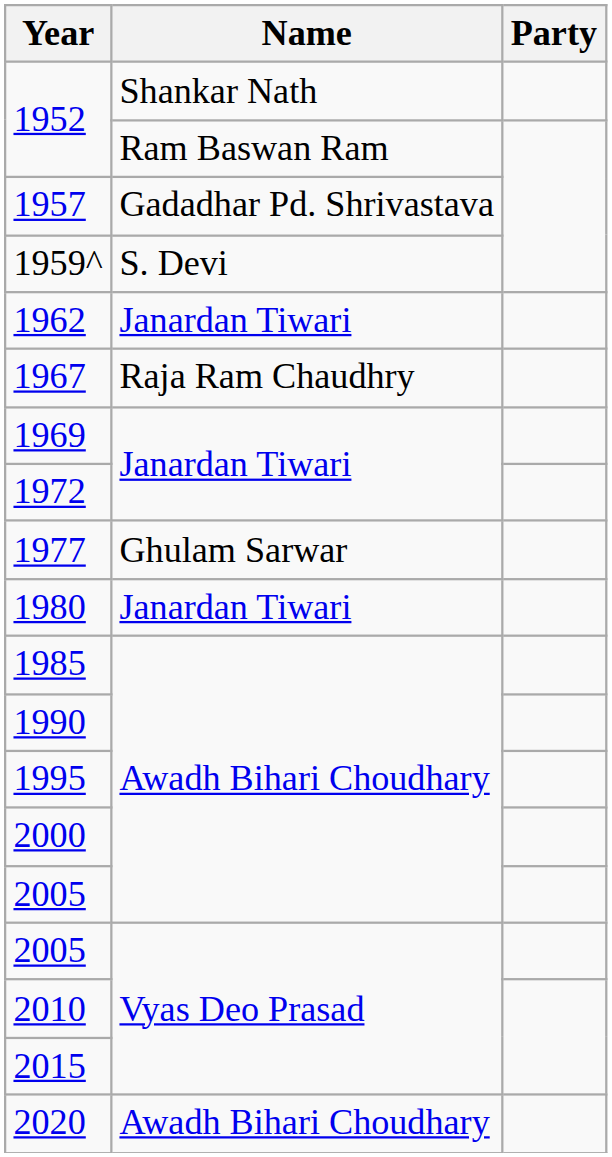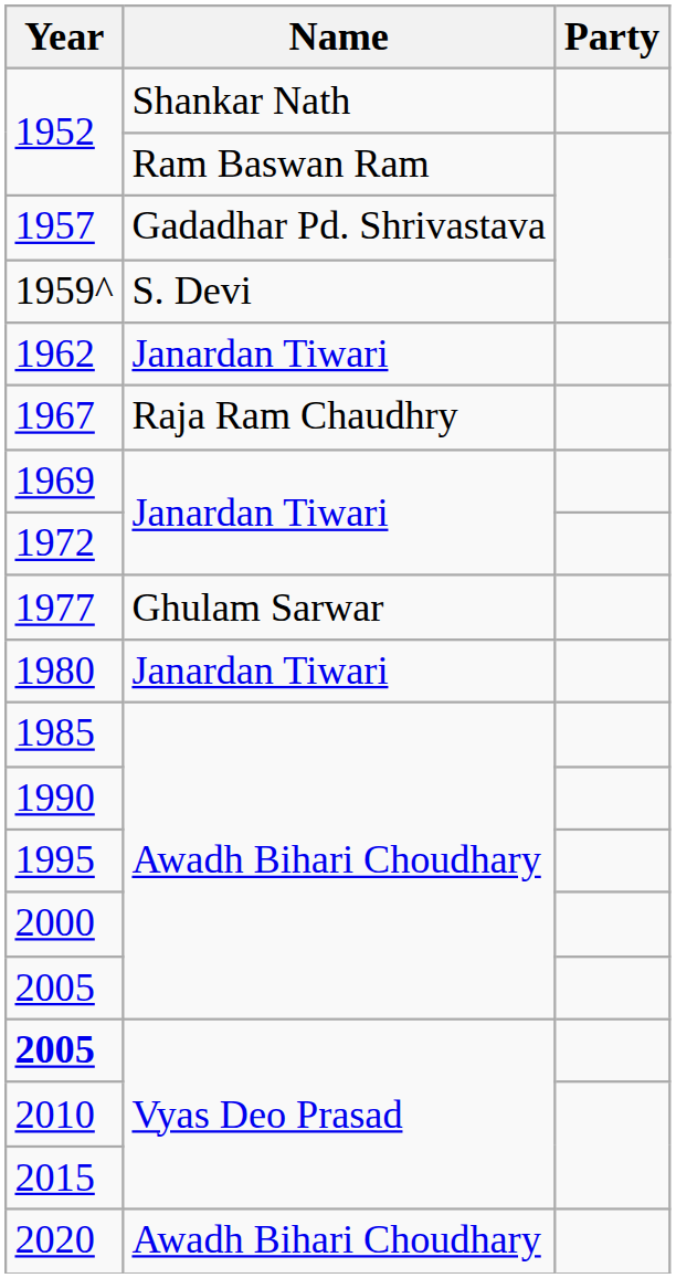 <table class="wikitable sortable">
 <tr>
 <th>Year</th>
 <th>Name</th>
 <th colspan="2">Party</th>
 </tr>
 <tr>
 <td rowspan="2"><a href='#'>1952</a></td>
 <td>Shankar Nath</td>
 <td></td>
 </tr>
 <tr>
 <td>Ram Baswan Ram</td>
 </tr>
 <tr>
 <td><a href='#'>1957</a></td>
 <td>Gadadhar Pd. Shrivastava</td>
 </tr>
 <tr>
 <td>1959^</td>
 <td>S. Devi</td>
 </tr>
 <tr>
 <td><a href='#'>1962</a></td>
 <td><a href='#'>Janardan Tiwari</a></td>
 <td></td>
 </tr>
 <tr>
 <td><a href='#'>1967</a></td>
 <td>Raja Ram Chaudhry</td>
 <td></td>
 </tr>
 <tr>
 <td><a href='#'>1969</a></td>
 <td rowspan="2"><a href='#'>Janardan Tiwari</a></td>
 <td></td>
 </tr>
 <tr>
 <td><a href='#'>1972</a></td>
 </tr>
 <tr>
 <td><a href='#'>1977</a></td>
 <td>Ghulam Sarwar</td>
 <td></td>
 </tr>
 <tr>
 <td><a href='#'>1980</a></td>
 <td><a href='#'>Janardan Tiwari</a></td>
 <td></td>
 </tr>
 <tr>
 <td><a href='#'>1985</a></td>
 <td rowspan="5"><a href='#'>Awadh Bihari Choudhary</a></td>
 <td></td>
 </tr>
 <tr>
 <td><a href='#'>1990</a></td>
 <td></td>
 </tr>
 <tr>
 <td><a href='#'>1995</a></td>
 </tr>
 <tr>
 <td><a href='#'>2000</a></td>
 <td></td>
 </tr>
 <tr>
 <td><a href='#'>2005</a></td>
 </tr>
 <tr>
-<td><a href='#'>2005</a></td>
+<td><strong><a href='#'>2005</a></strong></td>
 <td rowspan="3"><a href='#'>Vyas Deo Prasad</a></td>
 <td></td>
 </tr>
 <tr>
 <td><a href='#'>2010</a></td>
 </tr>
 <tr>
 <td><a href='#'>2015</a></td>
 </tr>
 <tr>
 <td><a href='#'>2020</a></td>
 <td><a href='#'>Awadh Bihari Choudhary</a></td>
 <td></td>
 </tr>
 </table>
